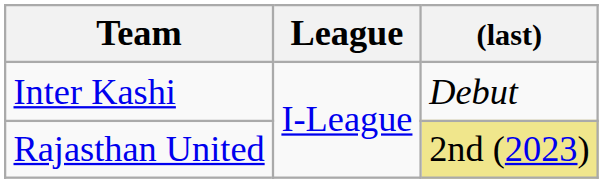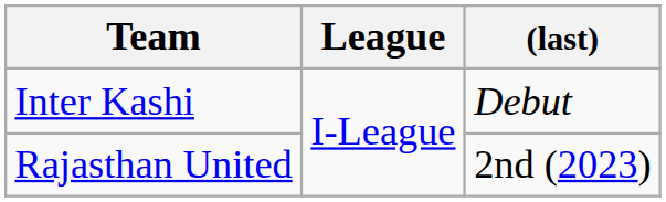 <table class="wikitable">
 <tr>
 <th>Team</th>
 <th>League</th>
 <th> <small>(last)</small></th>
 </tr>
 <tr>
 <td><a href='#'>Inter Kashi</a></td>
 <td rowspan="2"><a href='#'>I-League</a></td>
 <td><em>Debut</em></td>
 </tr>
 <tr>
 <td><a href='#'>Rajasthan United</a></td>
-<td style="background: khaki;">2nd (<a href='#'>2023</a>)</td>
+<td>2nd (<a href='#'>2023</a>)</td>
 </tr>
 </table>
